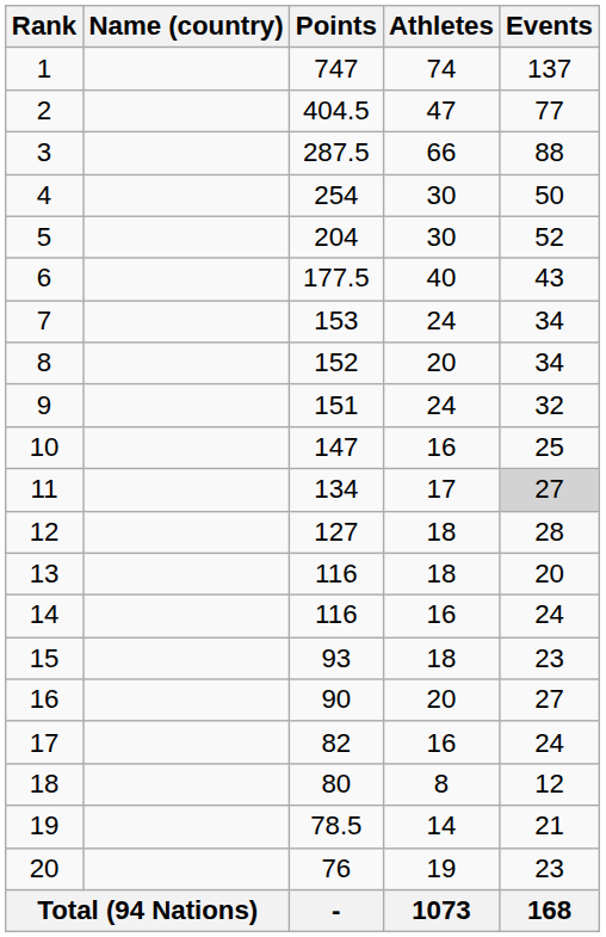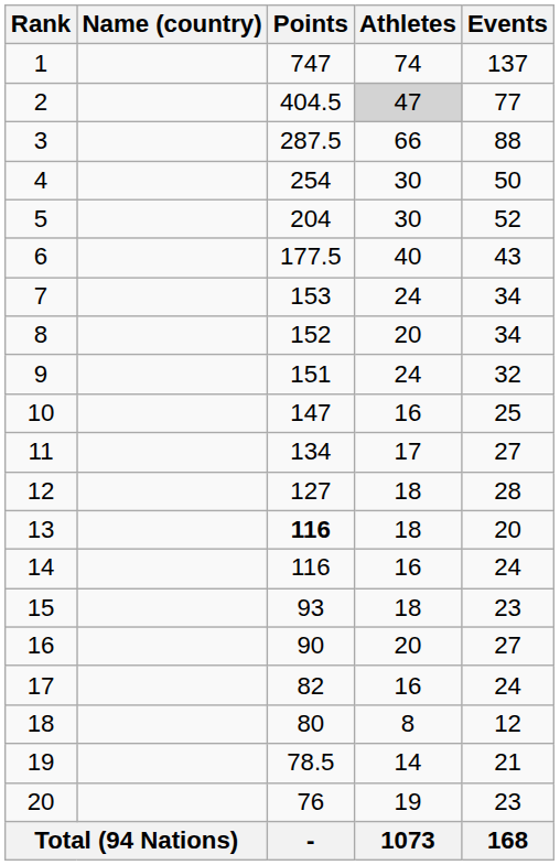 <table class="wikitable sortable">
 <tr>
 <th>Rank</th>
 <th>Name (country)</th>
 <th>Points</th>
 <th>Athletes</th>
 <th>Events</th>
 </tr>
 <tr>
 <td align=center>1</td>
 <td align=left></td>
 <td align=center>747</td>
 <td align=center>74</td>
 <td align=center>137</td>
 </tr>
 <tr>
 <td align=center>2</td>
 <td align=left></td>
 <td align=center>404.5</td>
-<td align=center>47</td>
+<td align=center style="background: lightgrey;">47</td>
 <td align=center>77</td>
 </tr>
 <tr>
 <td align=center>3</td>
 <td align=left></td>
 <td align=center>287.5</td>
 <td align=center>66</td>
 <td align=center>88</td>
 </tr>
 <tr>
 <td align=center>4</td>
 <td align=left></td>
 <td align=center>254</td>
 <td align=center>30</td>
 <td align=center>50</td>
 </tr>
 <tr>
 <td align=center>5</td>
 <td align=left></td>
 <td align=center>204</td>
 <td align=center>30</td>
 <td align=center>52</td>
 </tr>
 <tr>
 <td align=center>6</td>
 <td align=left></td>
 <td align=center>177.5</td>
 <td align=center>40</td>
 <td align=center>43</td>
 </tr>
 <tr>
 <td align=center>7</td>
 <td align=left></td>
 <td align=center>153</td>
 <td align=center>24</td>
 <td align=center>34</td>
 </tr>
 <tr>
 <td align=center>8</td>
 <td align=left></td>
 <td align=center>152</td>
 <td align=center>20</td>
 <td align=center>34</td>
 </tr>
 <tr>
 <td align=center>9</td>
 <td align=left></td>
 <td align=center>151</td>
 <td align=center>24</td>
 <td align=center>32</td>
 </tr>
 <tr>
 <td align=center>10</td>
 <td align=left></td>
 <td align=center>147</td>
 <td align=center>16</td>
 <td align=center>25</td>
 </tr>
 <tr>
 <td align=center>11</td>
 <td align=left></td>
 <td align=center>134</td>
 <td align=center>17</td>
-<td align=center style="background: lightgrey;">27</td>
+<td align=center>27</td>
 </tr>
 <tr>
 <td align=center>12</td>
 <td align=left></td>
 <td align=center>127</td>
 <td align=center>18</td>
 <td align=center>28</td>
 </tr>
 <tr>
 <td align=center>13</td>
 <td align=left></td>
-<td align=center>116</td>
+<td align=center><strong>116</strong></td>
 <td align=center>18</td>
 <td align=center>20</td>
 </tr>
 <tr>
 <td align=center>14</td>
 <td align=left></td>
 <td align=center>116</td>
 <td align=center>16</td>
 <td align=center>24</td>
 </tr>
 <tr>
 <td align=center>15</td>
 <td align=left></td>
 <td align=center>93</td>
 <td align=center>18</td>
 <td align=center>23</td>
 </tr>
 <tr>
 <td align=center>16</td>
 <td align=left></td>
 <td align=center>90</td>
 <td align=center>20</td>
 <td align=center>27</td>
 </tr>
 <tr>
 <td align=center>17</td>
 <td align=left></td>
 <td align=center>82</td>
 <td align=center>16</td>
 <td align=center>24</td>
 </tr>
 <tr>
 <td align=center>18</td>
 <td align=left></td>
 <td align=center>80</td>
 <td align=center>8</td>
 <td align=center>12</td>
 </tr>
 <tr>
 <td align=center>19</td>
 <td align=left></td>
 <td align=center>78.5</td>
 <td align=center>14</td>
 <td align=center>21</td>
 </tr>
 <tr>
 <td align=center>20</td>
 <td align=left></td>
 <td align=center>76</td>
 <td align=center>19</td>
 <td align=center>23</td>
 </tr>
 <tr class="sortbottom">
 <th colspan=2>Total (94 Nations)</th>
 <th>-</th>
 <th align=center>1073</th>
 <th align=center>168</th>
 </tr>
 </table>
